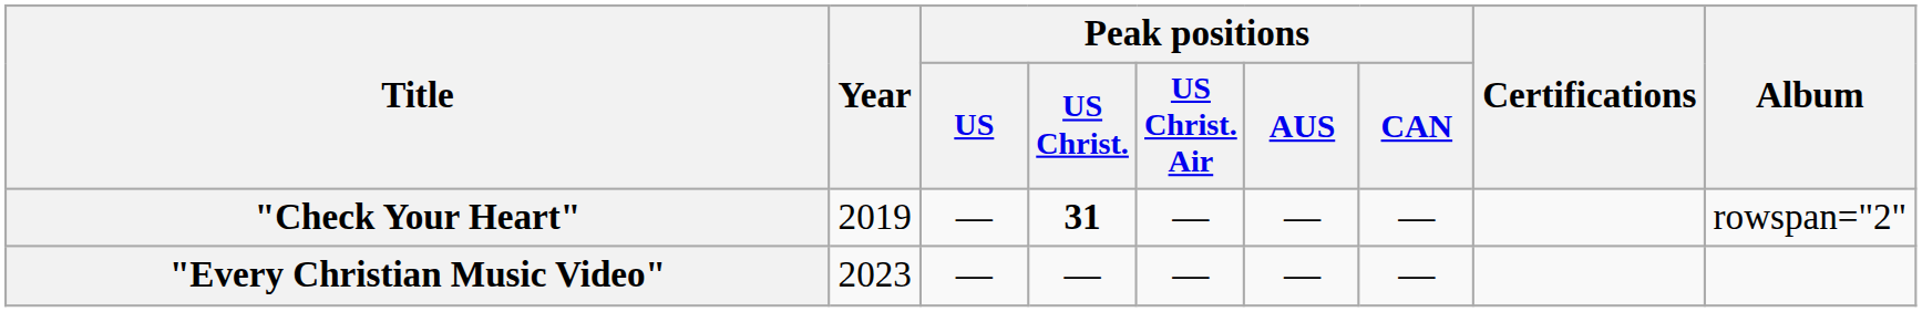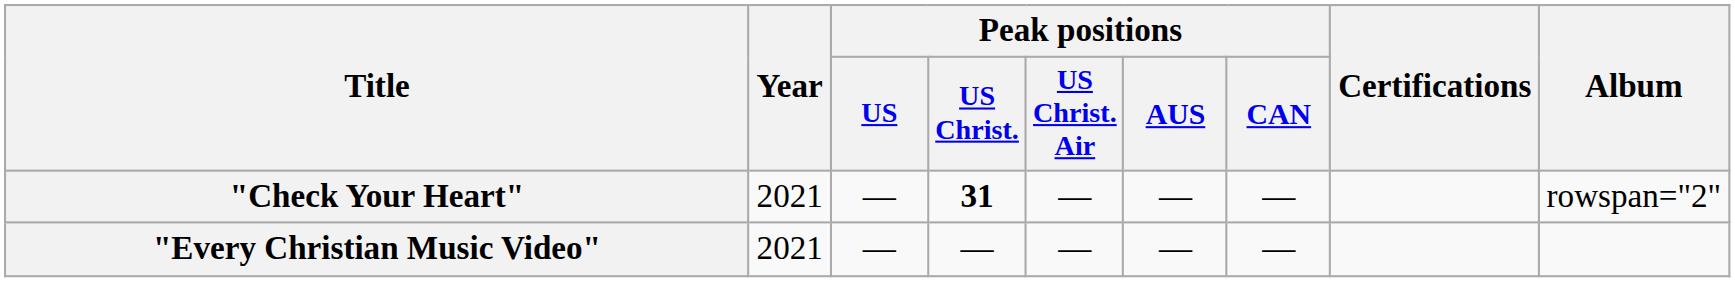 <table class="wikitable plainrowheaders" style="text-align:center;">
 <tr>
 <th scope="col" rowspan="2" style="width:22em;">Title</th>
 <th scope="col" rowspan="2" style="width:1em;">Year</th>
 <th scope="col" colspan="5">Peak positions</th>
 <th scope="col" rowspan="2">Certifications</th>
 <th scope="col" rowspan="2">Album</th>
 </tr>
 <tr>
 <th scope="col" style="width:3em;font-size:85%;"><a href='#'>US</a><br></th>
 <th scope="col" style="width:3em;font-size:85%;"><a href='#'>US Christ.</a><br></th>
 <th scope="col" style="width:3em;font-size:85%;"><a href='#'>US<br>Christ.<br>Air</a><br></th>
 <th scope="col" style="width:3em;font-size:90%;"><a href='#'>AUS</a><br></th>
 <th scope="col" style="width:3em;font-size:90%;"><a href='#'>CAN</a><br></th>
 </tr>
 <tr>
 <th scope="row">"Check Your Heart"<br></th>
-<td>2019</td>
+<td>2021</td>
 <td>—</td>
 <td><strong>31<br></strong></td>
 <td>—</td>
 <td>—</td>
 <td>—</td>
 <td></td>
 <td>rowspan="2" </td>
 </tr>
 <tr>
 <th scope="row">"Every Christian Music Video"</th>
-<td>2023</td>
+<td>2021</td>
 <td>—</td>
 <td>—</td>
 <td>—</td>
 <td>—</td>
 <td>—</td>
 <td></td>
 </tr>
 </table>
